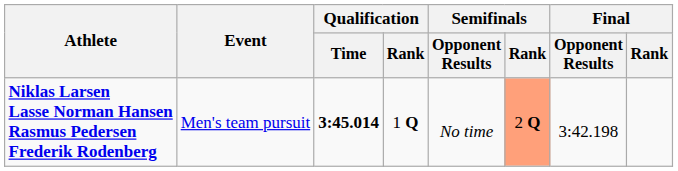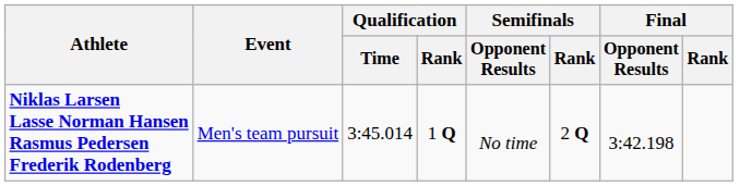 <table class="wikitable" style="font-size:90%">
 <tr>
 <th rowspan=2>Athlete</th>
 <th rowspan=2>Event</th>
 <th colspan=2>Qualification</th>
 <th colspan=2>Semifinals</th>
 <th colspan=2>Final</th>
 </tr>
 <tr style="font-size:95%">
 <th>Time</th>
 <th>Rank</th>
 <th>Opponent<br>Results</th>
 <th>Rank</th>
 <th>Opponent<br>Results</th>
 <th>Rank</th>
 </tr>
 <tr align=center>
 <td align=left><strong><a href='#'>Niklas Larsen</a><br><a href='#'>Lasse Norman Hansen</a><br><a href='#'>Rasmus Pedersen</a><br><a href='#'>Frederik Rodenberg</a></strong></td>
 <td align=left><a href='#'>Men's team pursuit</a></td>
-<td><strong>3:45.014 </strong></td>
+<td>3:45.014 </td>
 <td>1 <strong>Q</strong></td>
 <td><br><em>No time</em></td>
-<td style="background: lightsalmon;">2 <strong>Q</strong></td>
+<td>2 <strong>Q</strong></td>
 <td><br>3:42.198</td>
 <td></td>
 </tr>
 </table>
